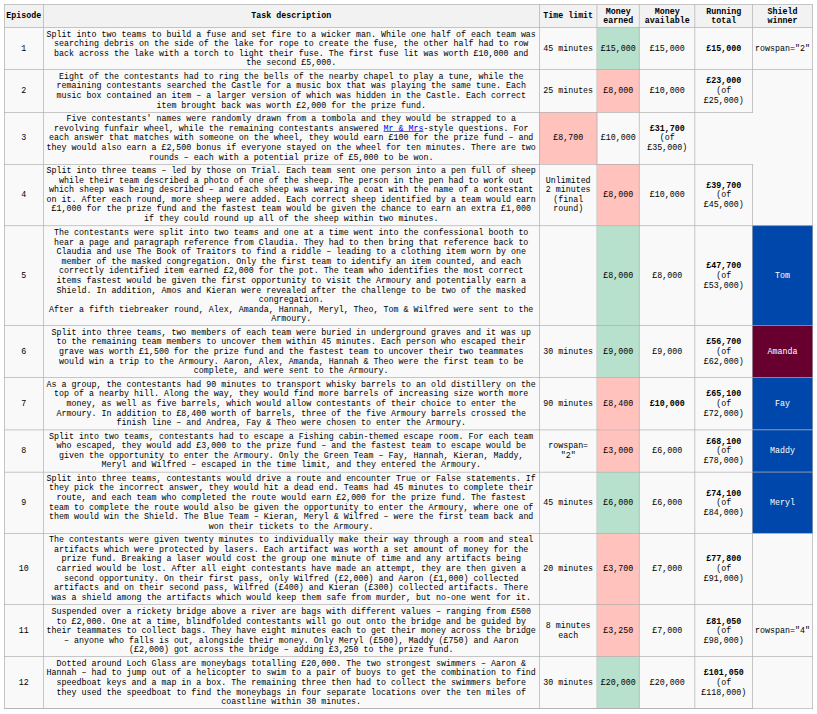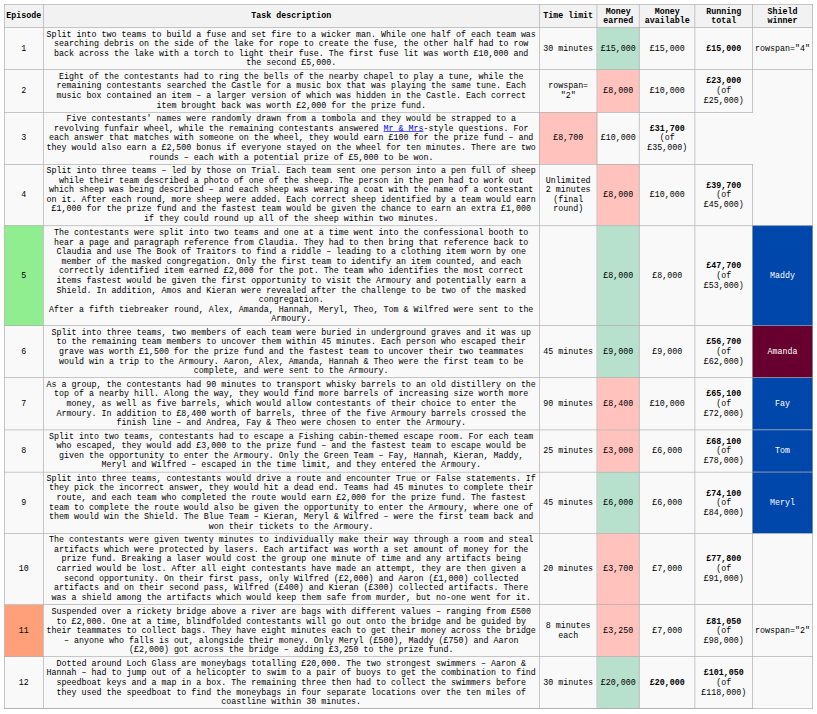 <table class="wikitable" style="margin:auto; text-align:center">
 <tr>
 <th>Episode</th>
 <th>Task description</th>
 <th>Time limit</th>
 <th>Money earned</th>
 <th>Money available</th>
 <th>Running total</th>
 <th>Shield winner</th>
 </tr>
 <tr>
 <td>1</td>
 <td>Split into two teams to build a fuse and set fire to a wicker man. While one half of each team was searching debris on the side of the lake for rope to create the fuse, the other half had to row back across the lake with a torch to light their fuse. The first fuse lit was worth £10,000 and the second £5,000.</td>
-<td>45 minutes</td>
+<td>30 minutes</td>
 <td style="background:#B7E1CD" align="center">£15,000</td>
 <td>£15,000</td>
 <td><strong>£15,000</strong></td>
-<td>rowspan="2" </td>
+<td>rowspan="4" </td>
 </tr>
 <tr>
 <td>2</td>
 <td>Eight of the contestants had to ring the bells of the nearby chapel to play a tune, while the remaining contestants searched the Castle for a music box that was playing the same tune. Each music box contained an item – a larger version of which was hidden in the Castle. Each correct item brought back was worth £2,000 for the prize fund.</td>
-<td>25 minutes</td>
+<td>rowspan= "2" </td>
 <td style="background:#FFC2BD" align="center">£8,000</td>
 <td>£10,000</td>
 <td><strong>£23,000</strong> (of £25,000)</td>
 </tr>
 <tr>
 <td>3</td>
 <td>Five contestants' names were randomly drawn from a tombola and they would be strapped to a revolving funfair wheel, while the remaining contestants answered <a href='#'>Mr & Mrs</a>-style questions. For each answer that matches with someone on the wheel, they would earn £100 for the prize fund – and they would also earn a £2,500 bonus if everyone stayed on the wheel for ten minutes. There are two rounds – each with a potential prize of £5,000 to be won.</td>
 <td style="background:#FFC2BD" align="center">£8,700</td>
 <td>£10,000</td>
 <td><strong>£31,700</strong> (of £35,000)</td>
 </tr>
 <tr>
 <td>4</td>
 <td>Split into three teams – led by those on Trial. Each team sent one person into a pen full of sheep while their team described a photo of one of the sheep. The person in the pen had to work out which sheep was being described – and each sheep was wearing a coat with the name of a contestant on it. After each round, more sheep were added. Each correct sheep identified by a team would earn £1,000 for the prize fund and the fastest team would be given the chance to earn an extra £1,000 if they could round up all of the sheep within two minutes.</td>
 <td>Unlimited<br>2 minutes (final round)</td>
 <td style="background:#FFC2BD" align="center">£8,000</td>
 <td>£10,000</td>
 <td><strong>£39,700</strong> (of £45,000)</td>
 </tr>
 <tr>
-<td>5</td>
+<td style="background: lightgreen;">5</td>
 <td>The contestants were split into two teams and one at a time went into the confessional booth to hear a page and paragraph reference from Claudia. They had to then bring that reference back to Claudia and use The Book of Traitors to find a riddle – leading to a clothing item worn by one member of the masked congregation. Only the first team to identify an item counted, and each correctly identified item earned £2,000 for the pot. The team who identifies the most correct items fastest would be given the first opportunity to visit the Armoury and potentially earn a Shield. In addition, Amos and Kieran were revealed after the challenge to be two of the masked congregation.<br>After a fifth tiebreaker round, Alex, Amanda, Hannah, Meryl, Theo, Tom & Wilfred were sent to the Armoury.</td>
 <td></td>
 <td style="background:#B7E1CD" align="center">£8,000</td>
 <td>£8,000</td>
 <td><strong>£47,700</strong> (of £53,000)</td>
-<td bgcolor="#0047AB" span style="color:#FFFFFF">Tom</td>
+<td bgcolor="#0047AB" span style="color:#FFFFFF">Maddy</td>
 </tr>
 <tr>
 <td>6</td>
 <td>Split into three teams, two members of each team were buried in underground graves and it was up to the remaining team members to uncover them within 45 minutes. Each person who escaped their grave was worth £1,500 for the prize fund and the fastest team to uncover their two teammates would win a trip to the Armoury. Aaron, Alex, Amanda, Hannah & Theo were the first team to be complete, and were sent to the Armoury.</td>
-<td>30 minutes</td>
+<td>45 minutes</td>
 <td style="background:#B7E1CD" align="center">£9,000</td>
 <td>£9,000</td>
 <td><strong>£56,700</strong> (of £62,000)</td>
 <td bgcolor="#67002F" span style="color:#FFFFFF">Amanda</td>
 </tr>
 <tr>
 <td>7</td>
 <td>As a group, the contestants had 90 minutes to transport whisky barrels to an old distillery on the top of a nearby hill. Along the way, they would find more barrels of increasing size worth more money, as well as five barrels, which would allow contestants of their choice to enter the Armoury. In addition to £8,400 worth of barrels, three of the five Armoury barrels crossed the finish line – and Andrea, Fay & Theo were chosen to enter the Armoury.</td>
 <td>90 minutes</td>
 <td style="background:#FFC2BD" align="center">£8,400</td>
-<td><strong>£10,000</strong></td>
+<td>£10,000</td>
 <td><strong>£65,100</strong> (of £72,000)</td>
 <td bgcolor="#0047AB" span style="color:#FFFFFF">Fay</td>
 </tr>
 <tr>
 <td>8</td>
 <td>Split into two teams, contestants had to escape a Fishing cabin-themed escape room. For each team who escaped, they would add £3,000 to the prize fund – and the fastest team to escape would be given the opportunity to enter the Armoury. Only the Green Team – Fay, Hannah, Kieran, Maddy, Meryl and Wilfred – escaped in the time limit, and they entered the Armoury.</td>
-<td>rowspan= "2" </td>
+<td>25 minutes</td>
 <td style="background:#FFC2BD" align="center">£3,000</td>
 <td>£6,000</td>
 <td><strong>£68,100</strong> (of £78,000)</td>
-<td bgcolor="#0047AB" span style="color:#FFFFFF">Maddy</td>
+<td bgcolor="#0047AB" span style="color:#FFFFFF">Tom</td>
 </tr>
 <tr>
 <td>9</td>
 <td>Split into three teams, contestants would drive a route and encounter True or False statements. If they pick the incorrect answer, they would hit a dead end. Teams had 45 minutes to complete their route, and each team who completed the route would earn £2,000 for the prize fund. The fastest team to complete the route would also be given the opportunity to enter the Armoury, where one of them would win the Shield. The Blue Team – Kieran, Meryl & Wilfred – were the first team back and won their tickets to the Armoury.</td>
 <td>45 minutes</td>
 <td style="background:#B7E1CD" align="center">£6,000</td>
 <td>£6,000</td>
 <td><strong>£74,100</strong> (of £84,000)</td>
 <td bgcolor="#0047AB" span style="color:#FFFFFF">Meryl</td>
 </tr>
 <tr>
 <td>10</td>
 <td>The contestants were given twenty minutes to individually make their way through a room and steal artifacts which were protected by lasers. Each artifact was worth a set amount of money for the prize fund. Breaking a laser would cost the group one minute of time and any artifacts being carried would be lost. After all eight contestants have made an attempt, they are then given a second opportunity. On their first pass, only Wilfred (£2,000) and Aaron (£1,000) collected artifacts and on their second pass, Wilfred (£400) and Kieran (£300) collected artifacts. There was a shield among the artifacts which would keep them safe from murder, but no-one went for it.</td>
 <td>20 minutes</td>
 <td style="background:#FFC2BD" align="center">£3,700</td>
 <td>£7,000</td>
 <td><strong>£77,800</strong> (of £91,000)</td>
 <td></td>
 </tr>
 <tr>
-<td>11</td>
+<td style="background: lightsalmon;">11</td>
 <td>Suspended over a rickety bridge above a river are bags with different values – ranging from £500 to £2,000. One at a time, blindfolded contestants will go out onto the bridge and be guided by their teammates to collect bags. They have eight minutes each to get their money across the bridge – anyone who falls is out, alongside their money. Only Meryl (£500), Maddy (£750) and Aaron (£2,000) got across the bridge – adding £3,250 to the prize fund.</td>
 <td>8 minutes each</td>
 <td style="background:#FFC2BD" align="center">£3,250</td>
 <td>£7,000</td>
 <td><strong>£81,050</strong> (of £98,000)</td>
-<td>rowspan="4" </td>
+<td>rowspan="2" </td>
 </tr>
 <tr>
 <td>12</td>
 <td>Dotted around Loch Glass are moneybags totalling £20,000. The two strongest swimmers – Aaron & Hannah – had to jump out of a helicopter to swim to a pair of buoys to get the combination to find speedboat keys and a map in a box. The remaining three then had to collect the swimmers before they used the speedboat to find the moneybags in four separate locations over the ten miles of coastline within 30 minutes.</td>
 <td>30 minutes</td>
 <td style="background:#B7E1CD" align="center">£20,000</td>
-<td>£20,000</td>
+<td><strong>£20,000</strong></td>
 <td><strong>£101,050</strong> (of £118,000)</td>
 </tr>
 <tr>
 </tr>
 </table>
